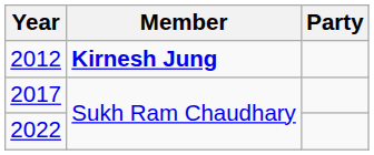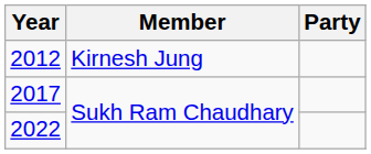 <table class="wikitable sortable">
 <tr>
 <th>Year</th>
 <th>Member</th>
 <th colspan="2">Party</th>
 </tr>
 <tr>
 <td><a href='#'>2012</a></td>
-<td><strong><a href='#'>Kirnesh Jung</a></strong></td>
+<td><a href='#'>Kirnesh Jung</a></td>
 <td></td>
 </tr>
 <tr>
 <td><a href='#'>2017</a></td>
 <td rowspan=2><a href='#'>Sukh Ram Chaudhary</a></td>
 <td></td>
 </tr>
 <tr>
 <td><a href='#'>2022</a></td>
 </tr>
 </table>
